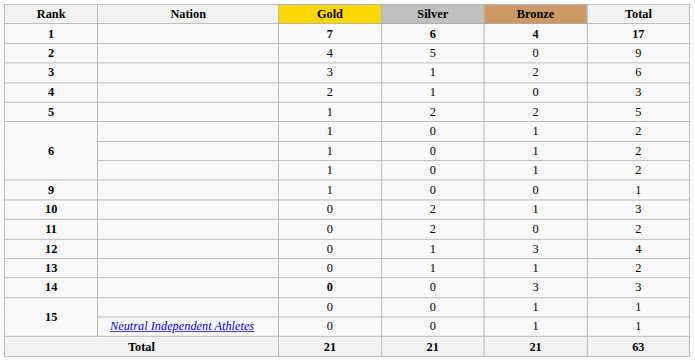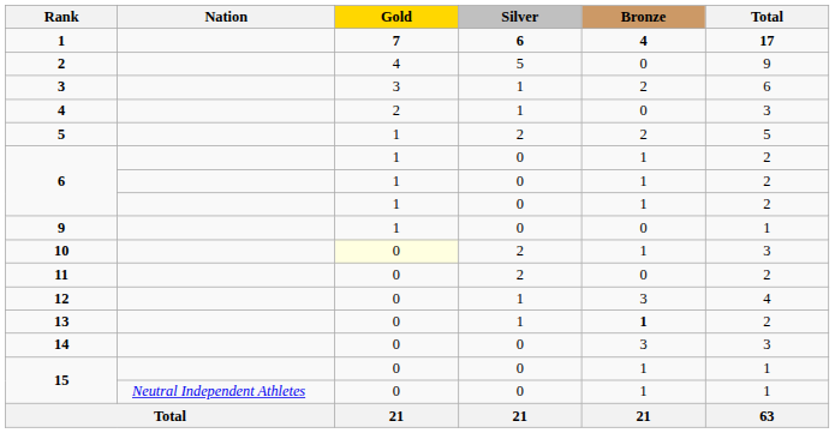 <table class="wikitable collapsible autocollapse plainrowheaders" width=70.5% style="text-align:center;">
 <tr style="background-color:#EDEDED;">
 <th width=100px class="hintergrundfarbe5">Rank</th>
 <th width=200px class="hintergrundfarbe6">Nation</th>
 <th style="background:    gold; width:15%">Gold</th>
 <th style="background:  silver; width:15%">Silver</th>
 <th style="background: #CC9966; width:15%">Bronze</th>
 <th class="hintergrundfarbe6" style="width:15%">Total</th>
 </tr>
 <tr>
 <td><strong>1</strong></td>
 <td align=left></td>
 <td><strong>7</strong></td>
 <td><strong>6</strong></td>
 <td><strong>4</strong></td>
 <td><strong>17</strong></td>
 </tr>
 <tr>
 <td><strong>2</strong></td>
 <td align=left></td>
 <td>4</td>
 <td>5</td>
 <td>0</td>
 <td>9</td>
 </tr>
 <tr>
 <td><strong>3</strong></td>
 <td align=left><em></em></td>
 <td>3</td>
 <td>1</td>
 <td>2</td>
 <td>6</td>
 </tr>
 <tr>
 <td><strong>4</strong></td>
 <td align=left></td>
 <td>2</td>
 <td>1</td>
 <td>0</td>
 <td>3</td>
 </tr>
 <tr>
 <td><strong>5</strong></td>
 <td align=left></td>
 <td>1</td>
 <td>2</td>
 <td>2</td>
 <td>5</td>
 </tr>
 <tr>
 <td rowspan=3><strong>6</strong></td>
 <td align=left></td>
 <td>1</td>
 <td>0</td>
 <td>1</td>
 <td>2</td>
 </tr>
 <tr>
 <td align=left></td>
 <td>1</td>
 <td>0</td>
 <td>1</td>
 <td>2</td>
 </tr>
 <tr>
 <td align=left></td>
 <td>1</td>
 <td>0</td>
 <td>1</td>
 <td>2</td>
 </tr>
 <tr>
 <td><strong>9</strong></td>
 <td align=left></td>
 <td>1</td>
 <td>0</td>
 <td>0</td>
 <td>1</td>
 </tr>
 <tr>
 <td><strong>10</strong></td>
 <td align=left></td>
-<td>0</td>
+<td style="background: lightyellow;">0</td>
 <td>2</td>
 <td>1</td>
 <td>3</td>
 </tr>
 <tr>
 <td><strong>11</strong></td>
 <td align=left></td>
 <td>0</td>
 <td>2</td>
 <td>0</td>
 <td>2</td>
 </tr>
 <tr>
 <td><strong>12</strong></td>
 <td align=left></td>
 <td>0</td>
 <td>1</td>
 <td>3</td>
 <td>4</td>
 </tr>
 <tr>
 <td><strong>13</strong></td>
 <td align=left></td>
 <td>0</td>
 <td>1</td>
-<td>1</td>
+<td><strong>1</strong></td>
 <td>2</td>
 </tr>
 <tr>
 <td><strong>14</strong></td>
 <td align=left></td>
-<td><strong>0</strong></td>
+<td>0</td>
 <td>0</td>
 <td>3</td>
 <td>3</td>
 </tr>
 <tr>
 <td rowspan=2><strong>15</strong></td>
 <td align=left></td>
 <td>0</td>
 <td>0</td>
 <td>1</td>
 <td>1</td>
 </tr>
 <tr>
 <td align=left>   <em><a href='#'>Neutral Independent Athletes</a></em></td>
 <td>0</td>
 <td>0</td>
 <td>1</td>
 <td>1</td>
 </tr>
 <tr>
 <th colspan=2>Total</th>
 <th>21</th>
 <th>21</th>
 <th>21</th>
 <th>63</th>
 </tr>
 </table>
